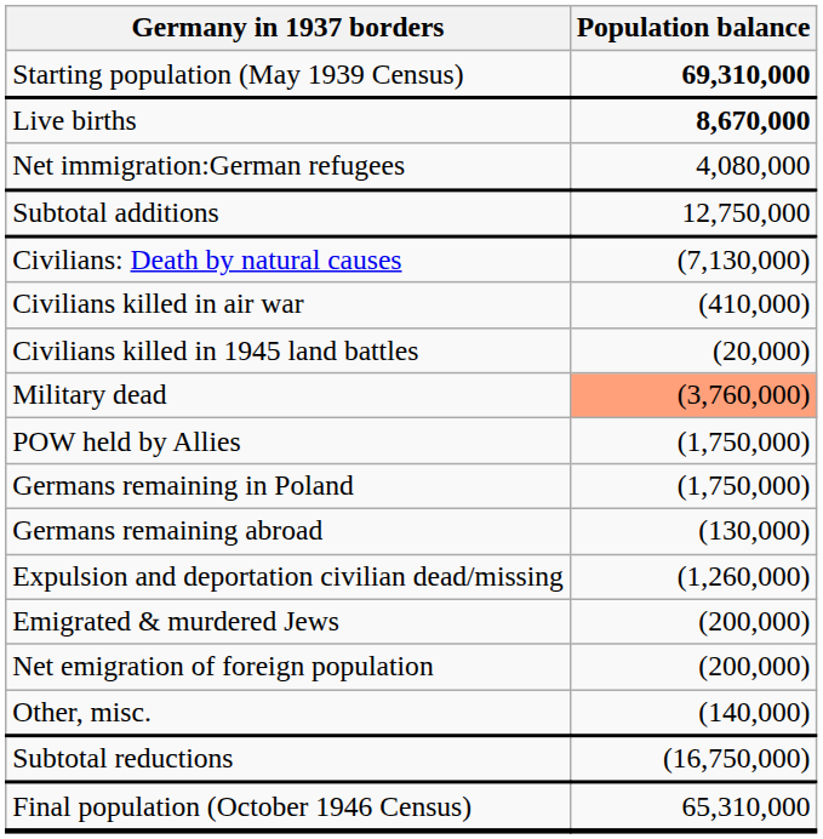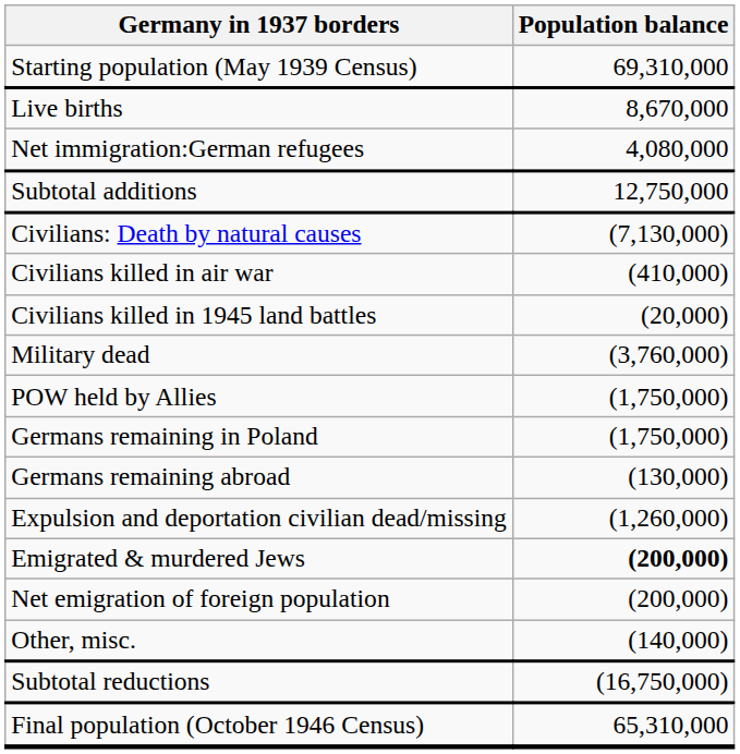 <table class="wikitable"  style="text-align: right;">
 <tr>
 <th>Germany in 1937 borders</th>
 <th>Population balance</th>
 </tr>
 <tr>
 <td style="text-align: left;">Starting population (May 1939 Census)</td>
-<td><strong>69,310,000</strong></td>
+<td>69,310,000</td>
 </tr>
 <tr style="border-top: 2px solid black;">
 <td style="text-align: left;">Live births</td>
-<td><strong>8,670,000</strong></td>
+<td>8,670,000</td>
 </tr>
 <tr>
 <td style="text-align: left;">Net immigration:German refugees</td>
 <td>4,080,000</td>
 </tr>
 <tr style="border-top: 2px solid black;">
 <td style="text-align: left;">Subtotal additions</td>
 <td>12,750,000</td>
 </tr>
 <tr style="border-top: 2px solid black;">
 <td style="text-align: left;">Civilians: <a href='#'>Death by natural causes</a></td>
 <td>(7,130,000)</td>
 </tr>
 <tr>
 <td style="text-align: left;">Civilians killed in air war</td>
 <td>(410,000)</td>
 </tr>
 <tr>
 <td style="text-align: left;">Civilians killed in 1945 land battles</td>
 <td>(20,000)</td>
 </tr>
 <tr>
 <td style="text-align: left;">Military dead</td>
-<td style="background: lightsalmon;">(3,760,000)</td>
+<td>(3,760,000)</td>
 </tr>
 <tr>
 <td style="text-align: left;">POW held by Allies</td>
 <td>(1,750,000)</td>
 </tr>
 <tr>
 <td style="text-align: left;">Germans remaining in Poland</td>
 <td>(1,750,000)</td>
 </tr>
 <tr>
 <td style="text-align: left;">Germans remaining abroad</td>
 <td>(130,000)</td>
 </tr>
 <tr>
 <td style="text-align: left;">Expulsion and deportation civilian dead/missing</td>
 <td>(1,260,000)</td>
 </tr>
 <tr>
 <td style="text-align: left;">Emigrated & murdered Jews</td>
-<td>(200,000)</td>
+<td><strong>(200,000)</strong></td>
 </tr>
 <tr>
 <td style="text-align: left;">Net emigration of foreign population</td>
 <td>(200,000)</td>
 </tr>
 <tr>
 <td style="text-align: left;">Other, misc.</td>
 <td>(140,000)</td>
 </tr>
 <tr style="border-top: 2px solid black;">
 <td style="text-align: left;">Subtotal reductions</td>
 <td>(16,750,000)</td>
 </tr>
 <tr style="border-top: 2px solid black; border-bottom: 3px solid black;">
 <td style="text-align: left;">Final population (October 1946 Census)</td>
 <td>65,310,000</td>
 </tr>
 </table>
